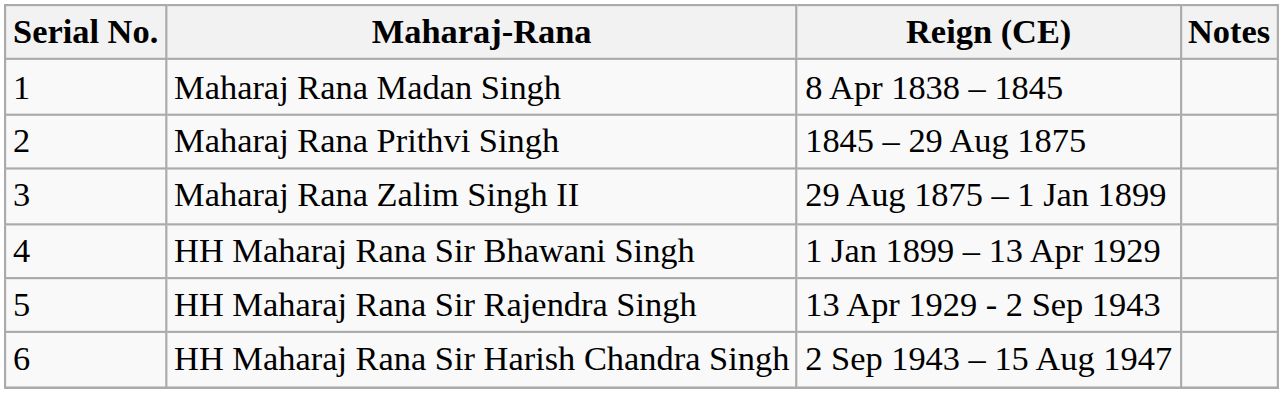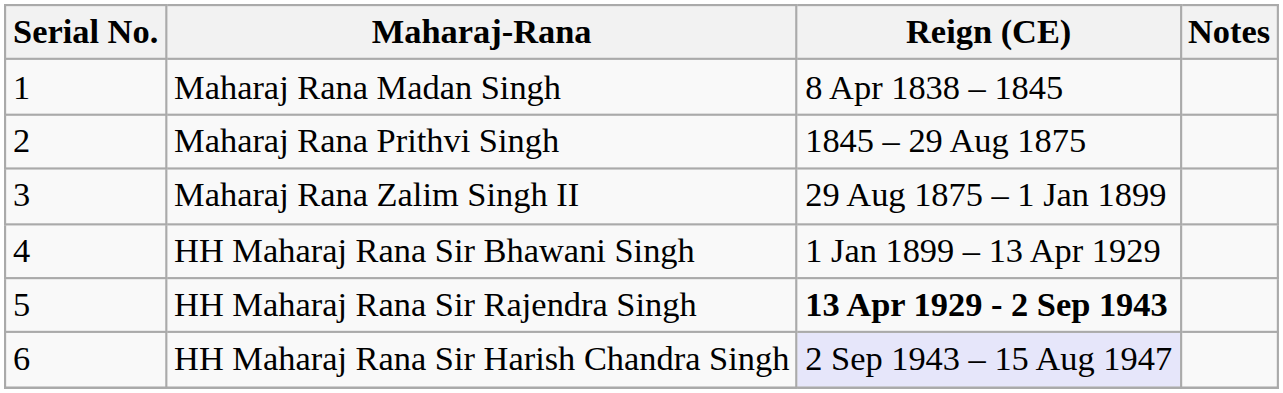 <table class="wikitable">
 <tr>
 <th>Serial No.</th>
 <th>Maharaj-Rana</th>
 <th>Reign (CE)</th>
 <th>Notes</th>
 </tr>
 <tr>
 <td>1</td>
 <td>Maharaj Rana Madan Singh</td>
 <td>8 Apr 1838 – 1845</td>
 <td></td>
 </tr>
 <tr>
 <td>2</td>
 <td>Maharaj Rana Prithvi Singh</td>
 <td>1845 – 29 Aug 1875</td>
 <td></td>
 </tr>
 <tr>
 <td>3</td>
 <td>Maharaj Rana Zalim Singh II</td>
 <td>29 Aug 1875 – 1 Jan 1899</td>
 <td></td>
 </tr>
 <tr>
 <td>4</td>
 <td>HH Maharaj Rana Sir Bhawani Singh</td>
 <td>1 Jan 1899 – 13 Apr 1929</td>
 <td></td>
 </tr>
 <tr>
 <td>5</td>
 <td>HH Maharaj Rana Sir Rajendra Singh</td>
-<td>13 Apr 1929 - 2 Sep 1943</td>
+<td><strong>13 Apr 1929 - 2 Sep 1943</strong></td>
 <td></td>
 </tr>
 <tr>
 <td>6</td>
 <td>HH Maharaj Rana Sir Harish Chandra Singh</td>
-<td>2 Sep 1943 – 15 Aug 1947</td>
+<td style="background: lavender;">2 Sep 1943 – 15 Aug 1947</td>
 <td></td>
 </tr>
 <tr>
 </tr>
 </table>
